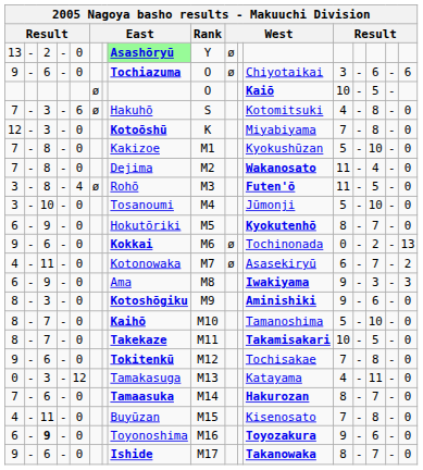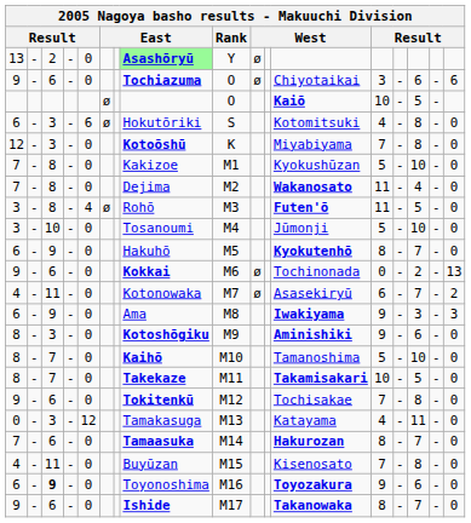 <table class="wikitable">
 <tr>
 <th colspan="17">2005 Nagoya basho results - Makuuchi Division</th>
 </tr>
 <tr>
 <th colspan="5">Result</th>
 <th colspan="3">East</th>
 <th>Rank</th>
 <th colspan="3">West</th>
 <th colspan="5">Result</th>
 </tr>
 <tr>
 <td align=center>13</td>
 <td align=center>-</td>
 <td align=center>2</td>
 <td align=center>-</td>
 <td align=center>0</td>
 <td align=center></td>
 <td align=center></td>
 <td style="background: PaleGreen;"><strong><a href='#'>Asashōryū</a></strong></td>
 <td align=center>Y</td>
 <td align=center>ø</td>
 <td align=center></td>
 <td></td>
 <td align=center></td>
 <td align=center></td>
 <td align=center></td>
 <td align=center></td>
 <td align=center></td>
 </tr>
 <tr>
 <td align=center>9</td>
 <td align=center>-</td>
 <td align=center>6</td>
 <td align=center>-</td>
 <td align=center>0</td>
 <td align=center></td>
 <td align=center></td>
 <td><strong><a href='#'>Tochiazuma</a></strong></td>
 <td align=center>O</td>
 <td align=center>ø</td>
 <td align=center></td>
 <td><a href='#'>Chiyotaikai</a></td>
 <td align=center>3</td>
 <td align=center>-</td>
 <td align=center>6</td>
 <td align=center>-</td>
 <td align=center>6</td>
 </tr>
 <tr>
 <td align=center></td>
 <td align=center></td>
 <td align=center></td>
 <td align=center></td>
 <td align=center></td>
 <td align=center>ø</td>
 <td align=center></td>
 <td></td>
 <td align=center>O</td>
 <td align=center></td>
 <td align=center></td>
 <td><strong><a href='#'>Kaiō</a></strong></td>
 <td align=center>10</td>
 <td align=center>-</td>
 <td align=center>5</td>
 <td align=center>-</td>
 <td align=center></td>
 </tr>
 <tr>
-<td align=center>7</td>
+<td align=center>6</td>
 <td align=center>-</td>
 <td align=center>3</td>
 <td align=center>-</td>
 <td align=center>6</td>
 <td align=center>ø</td>
 <td align=center></td>
-<td><a href='#'>Hakuhō</a></td>
+<td><a href='#'>Hokutōriki</a></td>
 <td align=center>S</td>
 <td align=center></td>
 <td align=center></td>
 <td><a href='#'>Kotomitsuki</a></td>
 <td align=center>4</td>
 <td align=center>-</td>
 <td align=center>8</td>
 <td align=center>-</td>
 <td align=center>0</td>
 </tr>
 <tr>
 <td align=center>12</td>
 <td align=center>-</td>
 <td align=center>3</td>
 <td align=center>-</td>
 <td align=center>0</td>
 <td align=center></td>
 <td align=center></td>
 <td><strong><a href='#'>Kotoōshū</a></strong></td>
 <td align=center>K</td>
 <td align=center></td>
 <td align=center></td>
 <td><a href='#'>Miyabiyama</a></td>
 <td align=center>7</td>
 <td align=center>-</td>
 <td align=center>8</td>
 <td align=center>-</td>
 <td align=center>0</td>
 </tr>
 <tr>
 <td align=center>7</td>
 <td align=center>-</td>
 <td align=center>8</td>
 <td align=center>-</td>
 <td align=center>0</td>
 <td align=center></td>
 <td align=center></td>
 <td><a href='#'>Kakizoe</a></td>
 <td align=center>M1</td>
 <td align=center></td>
 <td align=center></td>
 <td><a href='#'>Kyokushūzan</a></td>
 <td align=center>5</td>
 <td align=center>-</td>
 <td align=center>10</td>
 <td align=center>-</td>
 <td align=center>0</td>
 </tr>
 <tr>
 <td align=center>7</td>
 <td align=center>-</td>
 <td align=center>8</td>
 <td align=center>-</td>
 <td align=center>0</td>
 <td align=center></td>
 <td align=center></td>
 <td><a href='#'>Dejima</a></td>
 <td align=center>M2</td>
 <td align=center></td>
 <td align=center></td>
 <td><a href='#'><strong>Wakanosato</strong></a></td>
 <td align=center>11</td>
 <td align=center>-</td>
 <td align=center>4</td>
 <td align=center>-</td>
 <td align=center>0</td>
 </tr>
 <tr>
 <td align=center>3</td>
 <td align=center>-</td>
 <td align=center>8</td>
 <td align=center>-</td>
 <td align=center>4</td>
 <td align=center>ø</td>
 <td align=center></td>
 <td><a href='#'>Rohō</a></td>
 <td align=center>M3</td>
 <td align=center></td>
 <td align=center></td>
 <td><a href='#'><strong>Futen'ō</strong></a></td>
 <td align=center>11</td>
 <td align=center>-</td>
 <td align=center>5</td>
 <td align=center>-</td>
 <td align=center>0</td>
 </tr>
 <tr>
 <td align=center>3</td>
 <td align=center>-</td>
 <td align=center>10</td>
 <td align=center>-</td>
 <td align=center>0</td>
 <td align=center></td>
 <td align=center></td>
 <td><a href='#'>Tosanoumi</a></td>
 <td align=center>M4</td>
 <td align=center></td>
 <td align=center></td>
 <td><a href='#'>Jūmonji</a></td>
 <td align=center>5</td>
 <td align=center>-</td>
 <td align=center>10</td>
 <td align=center>-</td>
 <td align=center>0</td>
 </tr>
 <tr>
 <td align=center>6</td>
 <td align=center>-</td>
 <td align=center>9</td>
 <td align=center>-</td>
 <td align=center>0</td>
 <td align=center></td>
 <td align=center></td>
-<td><a href='#'>Hokutōriki</a></td>
+<td><a href='#'>Hakuhō</a></td>
 <td align=center>M5</td>
 <td align=center></td>
 <td align=center></td>
 <td><a href='#'><strong>Kyokutenhō</strong></a></td>
 <td align=center>8</td>
 <td align=center>-</td>
 <td align=center>7</td>
 <td align=center>-</td>
 <td align=center>0</td>
 </tr>
 <tr>
 <td align=center>9</td>
 <td align=center>-</td>
 <td align=center>6</td>
 <td align=center>-</td>
 <td align=center>0</td>
 <td align=center></td>
 <td align=center></td>
 <td><a href='#'><strong>Kokkai</strong></a></td>
 <td align=center>M6</td>
 <td align=center>ø</td>
 <td align=center></td>
 <td><a href='#'>Tochinonada</a></td>
 <td align=center>0</td>
 <td align=center>-</td>
 <td align=center>2</td>
 <td align=center>-</td>
 <td align=center>13</td>
 </tr>
 <tr>
 <td align=center>4</td>
 <td align=center>-</td>
 <td align=center>11</td>
 <td align=center>-</td>
 <td align=center>0</td>
 <td align=center></td>
 <td align=center></td>
 <td><a href='#'>Kotonowaka</a></td>
 <td align=center>M7</td>
 <td align=center>ø</td>
 <td align=center></td>
 <td><a href='#'>Asasekiryū</a></td>
 <td align=center>6</td>
 <td align=center>-</td>
 <td align=center>7</td>
 <td align=center>-</td>
 <td align=center>2</td>
 </tr>
 <tr>
 <td align=center>6</td>
 <td align=center>-</td>
 <td align=center>9</td>
 <td align=center>-</td>
 <td align=center>0</td>
 <td align=center></td>
 <td align=center></td>
 <td><a href='#'>Ama</a></td>
 <td align=center>M8</td>
 <td align=center></td>
 <td align=center></td>
 <td><a href='#'><strong>Iwakiyama</strong></a></td>
 <td align=center>9</td>
 <td align=center>-</td>
 <td align=center>3</td>
 <td align=center>-</td>
 <td align=center>3</td>
 </tr>
 <tr>
 <td align=center>8</td>
 <td align=center>-</td>
 <td align=center>3</td>
 <td align=center>-</td>
 <td align=center>0</td>
 <td align=center></td>
 <td align=center></td>
 <td><a href='#'><strong>Kotoshōgiku</strong></a></td>
 <td align=center>M9</td>
 <td align=center></td>
 <td align=center></td>
 <td><a href='#'><strong>Aminishiki</strong></a></td>
 <td align=center>9</td>
 <td align=center>-</td>
 <td align=center>6</td>
 <td align=center>-</td>
 <td align=center>0</td>
 </tr>
 <tr>
 <td align=center>8</td>
 <td align=center>-</td>
 <td align=center>7</td>
 <td align=center>-</td>
 <td align=center>0</td>
 <td align=center></td>
 <td align=center></td>
 <td><a href='#'><strong>Kaihō</strong></a></td>
 <td align=center>M10</td>
 <td align=center></td>
 <td align=center></td>
 <td><a href='#'>Tamanoshima</a></td>
 <td align=center>5</td>
 <td align=center>-</td>
 <td align=center>10</td>
 <td align=center>-</td>
 <td align=center>0</td>
 </tr>
 <tr>
 <td align=center>8</td>
 <td align=center>-</td>
 <td align=center>7</td>
 <td align=center>-</td>
 <td align=center>0</td>
 <td align=center></td>
 <td align=center></td>
 <td><a href='#'><strong>Takekaze</strong></a></td>
 <td align=center>M11</td>
 <td align=center></td>
 <td align=center></td>
 <td><a href='#'><strong>Takamisakari</strong></a></td>
 <td align=center>10</td>
 <td align=center>-</td>
 <td align=center>5</td>
 <td align=center>-</td>
 <td align=center>0</td>
 </tr>
 <tr>
 <td align=center>9</td>
 <td align=center>-</td>
 <td align=center>6</td>
 <td align=center>-</td>
 <td align=center>0</td>
 <td align=center></td>
 <td align=center></td>
 <td><a href='#'><strong>Tokitenkū</strong></a></td>
 <td align=center>M12</td>
 <td align=center></td>
 <td align=center></td>
 <td><a href='#'>Tochisakae</a></td>
 <td align=center>7</td>
 <td align=center>-</td>
 <td align=center>8</td>
 <td align=center>-</td>
 <td align=center>0</td>
 </tr>
 <tr>
 <td align=center>0</td>
 <td align=center>-</td>
 <td align=center>3</td>
 <td align=center>-</td>
 <td align=center>12</td>
 <td align=center></td>
 <td align=center></td>
 <td><a href='#'>Tamakasuga</a></td>
 <td align=center>M13</td>
 <td align=center></td>
 <td align=center></td>
 <td><a href='#'>Katayama</a></td>
 <td align=center>4</td>
 <td align=center>-</td>
 <td align=center>11</td>
 <td align=center>-</td>
 <td align=center>0</td>
 </tr>
 <tr>
 <td align=center>7</td>
 <td align=center>-</td>
 <td align=center>6</td>
 <td align=center>-</td>
 <td align=center>0</td>
 <td align=center></td>
 <td align=center></td>
 <td><a href='#'><strong>Tamaasuka</strong></a></td>
 <td align=center>M14</td>
 <td align=center></td>
 <td align=center></td>
 <td><a href='#'><strong>Hakurozan</strong></a></td>
 <td align=center>8</td>
 <td align=center>-</td>
 <td align=center>7</td>
 <td align=center>-</td>
 <td align=center>0</td>
 </tr>
 <tr>
 <td align=center>4</td>
 <td align=center>-</td>
 <td align=center>11</td>
 <td align=center>-</td>
 <td align=center>0</td>
 <td align=center></td>
 <td align=center></td>
 <td><a href='#'>Buyūzan</a></td>
 <td align=center>M15</td>
 <td align=center></td>
 <td align=center></td>
 <td><a href='#'>Kisenosato</a></td>
 <td align=center>7</td>
 <td align=center>-</td>
 <td align=center>8</td>
 <td align=center>-</td>
 <td align=center>0</td>
 </tr>
 <tr>
 <td align=center>6</td>
 <td align=center>-</td>
 <td align=center><strong>9</strong></td>
 <td align=center>-</td>
 <td align=center>0</td>
 <td align=center></td>
 <td align=center></td>
 <td><a href='#'>Toyonoshima</a></td>
 <td align=center>M16</td>
 <td align=center></td>
 <td align=center></td>
 <td><a href='#'><strong>Toyozakura</strong></a></td>
 <td align=center>9</td>
 <td align=center>-</td>
 <td align=center>6</td>
 <td align=center>-</td>
 <td align=center>0</td>
 </tr>
 <tr>
 <td align=center>9</td>
 <td align=center>-</td>
 <td align=center>6</td>
 <td align=center>-</td>
 <td align=center>0</td>
 <td align=center></td>
 <td align=center></td>
 <td><a href='#'><strong>Ishide</strong></a></td>
 <td align=center>M17</td>
 <td align=center></td>
 <td align=center></td>
 <td><a href='#'><strong>Takanowaka</strong></a></td>
 <td align=center>8</td>
 <td align=center>-</td>
 <td align=center>7</td>
 <td align=center>-</td>
 <td align=center>0</td>
 </tr>
 </table>
